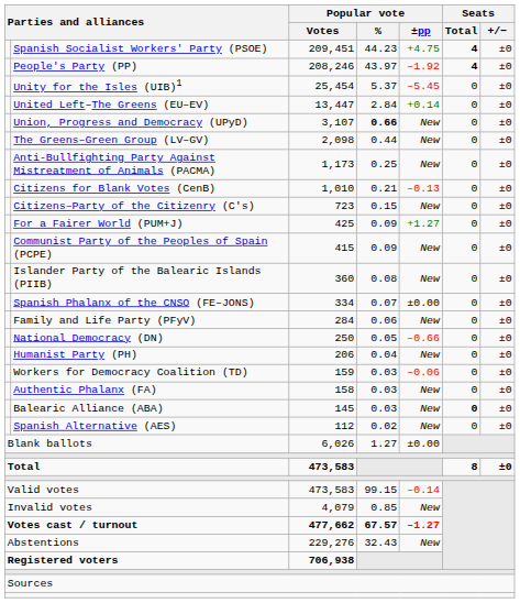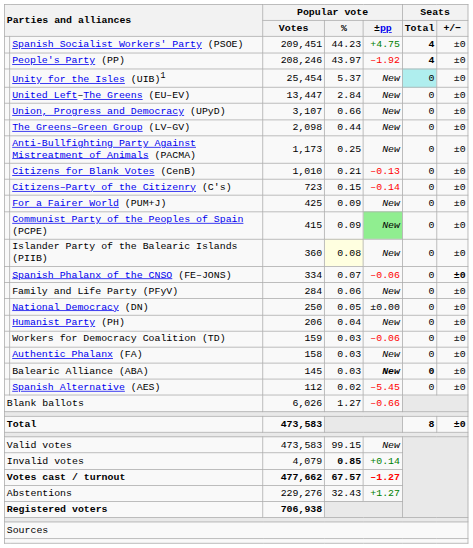 <table class="wikitable" style="text-align:right;">
 <tr>
 <th style="text-align:left;" rowspan="2" colspan="2" width="525">Parties and alliances</th>
 <th colspan="3">Popular vote</th>
 <th colspan="2">Seats</th>
 </tr>
 <tr>
 <th width="75">Votes</th>
 <th width="45">%</th>
 <th width="45">±<a href='#'>pp</a></th>
 <th width="35">Total</th>
 <th width="35">+/−</th>
 </tr>
 <tr>
 <td width="1" style="color:inherit;background:"></td>
 <td align="left"><a href='#'>Spanish Socialist Workers' Party</a> (PSOE)</td>
 <td>209,451</td>
 <td>44.23</td>
 <td style="color:green;">+4.75</td>
 <td><strong>4</strong></td>
 <td>±0</td>
 </tr>
 <tr>
 <td style="color:inherit;background:"></td>
 <td align="left"><a href='#'>People's Party</a> (PP)</td>
 <td>208,246</td>
 <td>43.97</td>
 <td style="color:red;">–1.92</td>
 <td><strong>4</strong></td>
 <td>±0</td>
 </tr>
 <tr>
 <td style="color:inherit;background:"></td>
 <td align="left"><a href='#'>Unity for the Isles</a> (UIB)<sup>1</sup></td>
 <td>25,454</td>
 <td>5.37</td>
-<td style="color:red;">–5.45</td>
-<td>0</td>
+<td><em>New</em></td>
+<td style="background: paleturquoise;">0</td>
 <td>±0</td>
 </tr>
 <tr>
 <td style="color:inherit;background:"></td>
 <td align="left"><a href='#'>United Left</a>–<a href='#'>The Greens</a> (EU–EV)</td>
 <td>13,447</td>
 <td>2.84</td>
-<td style="color:green;">+0.14</td>
+<td><em>New</em></td>
 <td>0</td>
 <td>±0</td>
 </tr>
 <tr>
 <td style="color:inherit;background:"></td>
 <td align="left"><a href='#'>Union, Progress and Democracy</a> (UPyD)</td>
 <td>3,107</td>
-<td><strong>0.66</strong></td>
+<td>0.66</td>
 <td><em>New</em></td>
 <td>0</td>
 <td>±0</td>
 </tr>
 <tr>
 <td style="color:inherit;background:"></td>
 <td align="left"><a href='#'>The Greens–Green Group</a> (LV–GV)</td>
 <td>2,098</td>
 <td>0.44</td>
 <td><em>New</em></td>
 <td>0</td>
 <td>±0</td>
 </tr>
 <tr>
 <td style="color:inherit;background:"></td>
 <td align="left"><a href='#'>Anti-Bullfighting Party Against Mistreatment of Animals</a> (PACMA)</td>
 <td>1,173</td>
 <td>0.25</td>
 <td><em>New</em></td>
 <td>0</td>
 <td>±0</td>
 </tr>
 <tr>
 <td style="color:inherit;background:"></td>
 <td align="left"><a href='#'>Citizens for Blank Votes</a> (CenB)</td>
 <td>1,010</td>
 <td>0.21</td>
 <td style="color:red;">–0.13</td>
 <td>0</td>
 <td>±0</td>
 </tr>
 <tr>
 <td style="color:inherit;background:"></td>
 <td align="left"><a href='#'>Citizens–Party of the Citizenry</a> (C's)</td>
 <td>723</td>
 <td>0.15</td>
-<td><em>New</em></td>
+<td style="color:red;">–0.14</td>
 <td>0</td>
 <td>±0</td>
 </tr>
 <tr>
 <td style="color:inherit;background:"></td>
 <td align="left"><a href='#'>For a Fairer World</a> (PUM+J)</td>
 <td>425</td>
 <td>0.09</td>
-<td style="color:green;">+1.27</td>
+<td><em>New</em></td>
 <td>0</td>
 <td>±0</td>
 </tr>
 <tr>
 <td style="color:inherit;background:"></td>
 <td align="left"><a href='#'>Communist Party of the Peoples of Spain</a> (PCPE)</td>
 <td>415</td>
 <td>0.09</td>
-<td><em>New</em></td>
+<td style="background: lightgreen;"><em>New</em></td>
 <td>0</td>
 <td>±0</td>
 </tr>
 <tr>
 <td style="color:inherit;background:"></td>
 <td align="left">Islander Party of the Balearic Islands (PIIB)</td>
 <td>360</td>
-<td>0.08</td>
+<td style="background: lightyellow;">0.08</td>
 <td><em>New</em></td>
 <td>0</td>
 <td>±0</td>
 </tr>
 <tr>
 <td style="color:inherit;background:"></td>
 <td align="left"><a href='#'>Spanish Phalanx of the CNSO</a> (FE–JONS)</td>
 <td>334</td>
 <td>0.07</td>
-<td>±0.00</td>
+<td style="color:red;">–0.06</td>
 <td>0</td>
-<td>±0</td>
+<td><strong>±0</strong></td>
 </tr>
 <tr>
 <td style="color:inherit;background:"></td>
 <td align="left">Family and Life Party (PFyV)</td>
 <td>284</td>
 <td>0.06</td>
 <td><em>New</em></td>
 <td>0</td>
 <td>±0</td>
 </tr>
 <tr>
 <td style="color:inherit;background:"></td>
 <td align="left"><a href='#'>National Democracy</a> (DN)</td>
 <td>250</td>
 <td>0.05</td>
-<td style="color:red;">–0.66</td>
+<td>±0.00</td>
 <td>0</td>
 <td>±0</td>
 </tr>
 <tr>
 <td style="color:inherit;background:"></td>
 <td align="left"><a href='#'>Humanist Party</a> (PH)</td>
 <td>206</td>
 <td>0.04</td>
 <td><em>New</em></td>
 <td>0</td>
 <td>±0</td>
 </tr>
 <tr>
 <td style="color:inherit;background:"></td>
 <td align="left">Workers for Democracy Coalition (TD)</td>
 <td>159</td>
 <td>0.03</td>
 <td style="color:red;">–0.06</td>
 <td>0</td>
 <td>±0</td>
 </tr>
 <tr>
 <td style="color:inherit;background:"></td>
 <td align="left"><a href='#'>Authentic Phalanx</a> (FA)</td>
 <td>158</td>
 <td>0.03</td>
 <td><em>New</em></td>
 <td>0</td>
 <td>±0</td>
 </tr>
 <tr>
 <td style="color:inherit;background:"></td>
 <td align="left">Balearic Alliance (ABA)</td>
 <td>145</td>
 <td>0.03</td>
-<td><em>New</em></td>
+<td><strong><em>New</em></strong></td>
 <td><strong>0</strong></td>
 <td>±0</td>
 </tr>
 <tr>
 <td style="color:inherit;background:"></td>
 <td align="left"><a href='#'>Spanish Alternative</a> (AES)</td>
 <td>112</td>
 <td>0.02</td>
-<td><em>New</em></td>
+<td style="color:red;">–5.45</td>
 <td>0</td>
 <td>±0</td>
 </tr>
 <tr>
 <td align="left" colspan="2">Blank ballots</td>
 <td>6,026</td>
 <td>1.27</td>
-<td>±0.00</td>
+<td style="color:red;">–0.66</td>
 <td bgcolor="#E9E9E9" colspan="2"></td>
 </tr>
 <tr>
 <td colspan="7" bgcolor="#E9E9E9"></td>
 </tr>
 <tr style="font-weight:bold;">
 <td align="left" colspan="2">Total</td>
 <td>473,583</td>
 <td bgcolor="#E9E9E9" colspan="2"></td>
 <td>8</td>
 <td>±0</td>
 </tr>
 <tr>
 <td colspan="7" bgcolor="#E9E9E9"></td>
 </tr>
 <tr>
 <td align="left" colspan="2">Valid votes</td>
 <td>473,583</td>
 <td>99.15</td>
-<td style="color:red;">–0.14</td>
+<td><em>New</em></td>
 <td bgcolor="#E9E9E9" colspan="2" rowspan="5"></td>
 </tr>
 <tr>
 <td align="left" colspan="2">Invalid votes</td>
 <td>4,079</td>
-<td>0.85</td>
-<td><em>New</em></td>
+<td><strong>0.85</strong></td>
+<td style="color:green;">+0.14</td>
 </tr>
 <tr style="font-weight:bold;">
 <td align="left" colspan="2">Votes cast / turnout</td>
 <td>477,662</td>
 <td>67.57</td>
 <td style="color:red;">–1.27</td>
 </tr>
 <tr>
 <td align="left" colspan="2">Abstentions</td>
 <td>229,276</td>
 <td>32.43</td>
-<td><em>New</em></td>
+<td style="color:green;">+1.27</td>
 </tr>
 <tr style="font-weight:bold;">
 <td align="left" colspan="2">Registered voters</td>
 <td>706,938</td>
 <td bgcolor="#E9E9E9" colspan="2"></td>
 </tr>
 <tr>
 <td colspan="7" bgcolor="#E9E9E9"></td>
 </tr>
 <tr>
 <td align="left" colspan="7">Sources</td>
 </tr>
 <tr>
 <td colspan="7" style="text-align:left; max-width:790px;"></td>
 </tr>
 </table>
